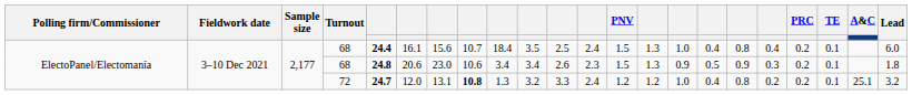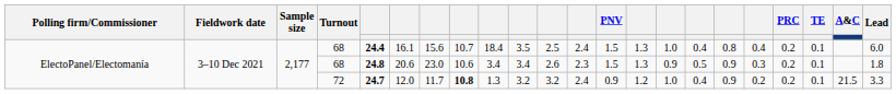 <table class="wikitable collapsible collapsed" style="text-align:center; font-size:95%; line-height:16px;">
 <tr style="height:42px;">
 <th style="width:250px;" rowspan="2">Polling firm/Commissioner</th>
 <th style="width:125px;" rowspan="2">Fieldwork date</th>
 <th style="width:50px;" rowspan="2">Sample size</th>
 <th style="width:45px;" rowspan="2">Turnout</th>
 <th style="width:35px;"></th>
 <th style="width:35px;"></th>
 <th style="width:35px;"></th>
 <th style="width:35px;"></th>
 <th style="width:35px;"></th>
 <th style="width:35px;"></th>
 <th style="width:35px;"></th>
 <th style="width:35px;"></th>
 <th style="width:35px;"><a href='#'>PNV</a></th>
 <th style="width:35px;"></th>
 <th style="width:35px;"></th>
 <th style="width:35px;"></th>
 <th style="width:35px;"></th>
 <th style="width:35px;"></th>
 <th style="width:35px;"><a href='#'>PRC</a></th>
 <th style="width:35px;"><a href='#'>TE</a></th>
 <th style="width:35px;"><a href='#'>A</a>&<a href='#'>C</a></th>
 <th style="width:30px;" rowspan="2">Lead</th>
 </tr>
 <tr>
 <th style="color:inherit;background:"></th>
 <th style="color:inherit;background:"></th>
 <th style="color:inherit;background:"></th>
 <th style="color:inherit;background:"></th>
 <th style="color:inherit;background:"></th>
 <th style="color:inherit;background:"></th>
 <th style="color:inherit;background:"></th>
 <th style="color:inherit;background:"></th>
 <th style="color:inherit;background:"></th>
 <th style="color:inherit;background:"></th>
 <th style="color:inherit;background:"></th>
 <th style="color:inherit;background:"></th>
 <th style="color:inherit;background:"></th>
 <th style="color:inherit;background:"></th>
 <th style="color:inherit;background:"></th>
 <th style="color:inherit;background:"></th>
 <th style="color:inherit;background:#0D387C;"></th>
 </tr>
 <tr>
 <td rowspan="3">ElectoPanel/Electomanía</td>
 <td rowspan="3">3–10 Dec 2021</td>
 <td rowspan="3">2,177</td>
 <td>68</td>
 <td><strong>24.4</strong><br></td>
 <td>16.1<br></td>
 <td>15.6<br></td>
 <td>10.7<br></td>
 <td>18.4<br></td>
 <td>3.5<br></td>
 <td>2.5<br></td>
 <td>2.4<br></td>
 <td>1.5<br></td>
 <td>1.3<br></td>
 <td>1.0<br></td>
 <td>0.4<br></td>
 <td>0.8<br></td>
 <td>0.4<br></td>
 <td>0.2<br></td>
 <td>0.1<br></td>
 <td></td>
 <td style="background:">6.0</td>
 </tr>
 <tr>
 <td>68</td>
 <td><strong>24.8</strong><br></td>
 <td>20.6<br></td>
 <td>23.0<br></td>
 <td>10.6<br></td>
 <td>3.4<br></td>
 <td>3.4<br></td>
 <td>2.6<br></td>
 <td>2.3<br></td>
 <td>1.5<br></td>
 <td>1.3<br></td>
 <td>0.9<br></td>
 <td>0.5<br></td>
 <td>0.9<br></td>
 <td>0.3<br></td>
 <td>0.2<br></td>
 <td>0.1<br></td>
 <td></td>
 <td style="background:">1.8</td>
 </tr>
 <tr>
 <td>72</td>
 <td><strong>24.7</strong><br></td>
 <td>12.0<br></td>
-<td>13.1<br></td>
+<td>11.7<br></td>
 <td><strong>10.8<br></strong></td>
 <td>1.3<br></td>
 <td>3.2<br></td>
-<td>3.3<br></td>
+<td>3.2<br></td>
 <td>2.4<br></td>
-<td>1.2<br></td>
+<td>0.9<br></td>
 <td>1.2<br></td>
 <td>1.0<br></td>
 <td>0.4<br></td>
-<td>0.8<br></td>
+<td>0.9<br></td>
 <td>0.2<br></td>
 <td>0.2<br></td>
 <td>0.1<br></td>
-<td>25.1<br></td>
-<td style="background:">3.2</td>
+<td>21.5<br></td>
+<td style="background:">3.3</td>
 </tr>
 </table>
